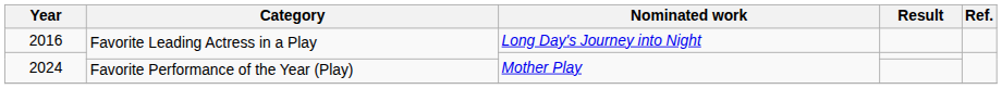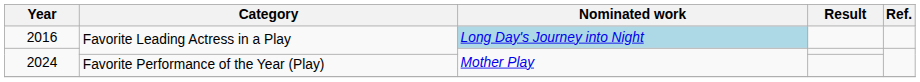 <table class=wikitable>
 <tr>
 <th scope="col" style="width:5em;">Year</th>
 <th scope="col" style="width:27em;">Category</th>
 <th scope="col" style="width:25em;">Nominated work</th>
 <th scope="col" style="width:5em;">Result</th>
 <th>Ref.</th>
 </tr>
 <tr>
 <td style="text-align:center;">2016</td>
 <td rowspan=2>Favorite Leading Actress in a Play</td>
-<td><em><a href='#'>Long Day's Journey into Night</a></em></td>
+<td style="background: lightblue;"><em><a href='#'>Long Day's Journey into Night</a></em></td>
 <td></td>
 <td style="text-align:center;"></td>
 </tr>
 <tr>
 <td align=center rowspan=2>2024</td>
 <td rowspan=2><em><a href='#'>Mother Play</a></em></td>
 <td></td>
 <td style="text-align:center;", rowspan=2></td>
 </tr>
 <tr>
 <td>Favorite Performance of the Year (Play)</td>
 <td></td>
 </tr>
 <tr>
 </tr>
 </table>
